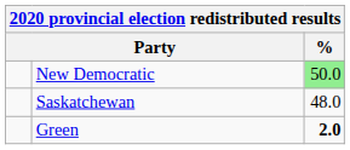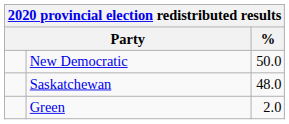 <table class="wikitable">
 <tr>
 <th colspan="4"><a href='#'>2020 provincial election</a> redistributed results</th>
 </tr>
 <tr>
 <th bgcolor="#DDDDFF" width="130px" colspan="2">Party</th>
 <th bgcolor="#DDDDFF" width="30px">%</th>
 </tr>
 <tr>
 <td> </td>
 <td><a href='#'>New Democratic</a></td>
-<td align=right style="background: lightgreen;">50.0</td>
+<td align=right>50.0</td>
 </tr>
 <tr>
 <td> </td>
 <td><a href='#'>Saskatchewan</a></td>
 <td align=right>48.0</td>
 </tr>
 <tr>
 <td> </td>
 <td><a href='#'>Green</a></td>
-<td align=right><strong>2.0</strong></td>
+<td align=right>2.0</td>
 </tr>
 </table>
